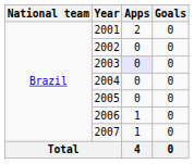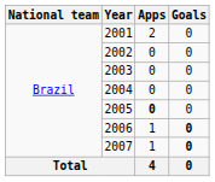 <table class="wikitable" style="text-align:center">
 <tr>
 <th>National team</th>
 <th>Year</th>
 <th>Apps</th>
 <th>Goals</th>
 </tr>
 <tr>
 <td rowspan="7"><a href='#'>Brazil</a></td>
 <td>2001</td>
 <td>2</td>
 <td>0</td>
 </tr>
 <tr>
 <td>2002</td>
 <td>0</td>
 <td>0</td>
 </tr>
 <tr>
 <td>2003</td>
-<td style="background: lavender;">0</td>
+<td>0</td>
 <td>0</td>
 </tr>
 <tr>
 <td>2004</td>
 <td>0</td>
 <td>0</td>
 </tr>
 <tr>
 <td>2005</td>
-<td>0</td>
+<td><strong>0</strong></td>
 <td>0</td>
 </tr>
 <tr>
 <td>2006</td>
 <td>1</td>
-<td>0</td>
+<td><strong>0</strong></td>
 </tr>
 <tr>
 <td>2007</td>
 <td>1</td>
-<td>0</td>
+<td><strong>0</strong></td>
 </tr>
 <tr>
 <th colspan="2">Total</th>
 <th>4</th>
 <th>0</th>
 </tr>
 </table>
